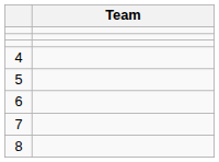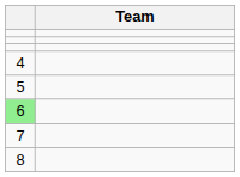 <table class="wikitable" style="text-align:center;">
 <tr>
 <th style="width:1.5em;"></th>
 <th style="width:12.5em">Team</th>
 </tr>
 <tr>
 <td></td>
 <td align="left"></td>
 </tr>
 <tr>
 <td></td>
 <td align="left"></td>
 </tr>
 <tr>
 <td></td>
 <td align="left"></td>
 </tr>
 <tr>
 <td>4</td>
 <td align="left"></td>
 </tr>
 <tr>
 <td>5</td>
 <td align="left"></td>
 </tr>
 <tr>
-<td>6</td>
+<td style="background: lightgreen;">6</td>
 <td align="left"></td>
 </tr>
 <tr>
 <td>7</td>
 <td align="left"></td>
 </tr>
 <tr>
 <td>8</td>
 <td align="left"></td>
 </tr>
 </table>
